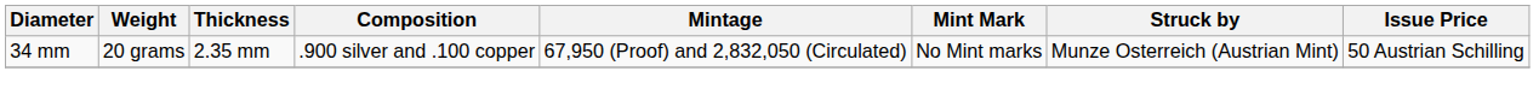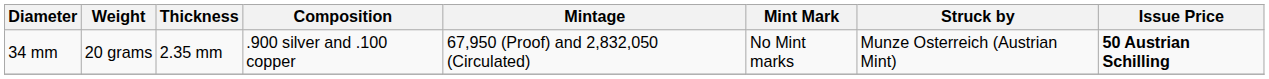 <table class="wikitable">
 <tr>
 <th>Diameter</th>
 <th>Weight</th>
 <th>Thickness</th>
 <th>Composition</th>
 <th>Mintage</th>
 <th>Mint Mark</th>
 <th>Struck by</th>
 <th>Issue Price</th>
 </tr>
 <tr>
 <td>34 mm</td>
 <td>20 grams</td>
 <td>2.35 mm</td>
 <td>.900 silver and .100 copper</td>
 <td>67,950 (Proof) and 2,832,050 (Circulated)</td>
 <td>No Mint marks</td>
 <td>Munze Osterreich (Austrian Mint)</td>
-<td>50 Austrian Schilling</td>
+<td><strong>50 Austrian Schilling</strong></td>
 </tr>
 <tr>
 </tr>
 </table>
